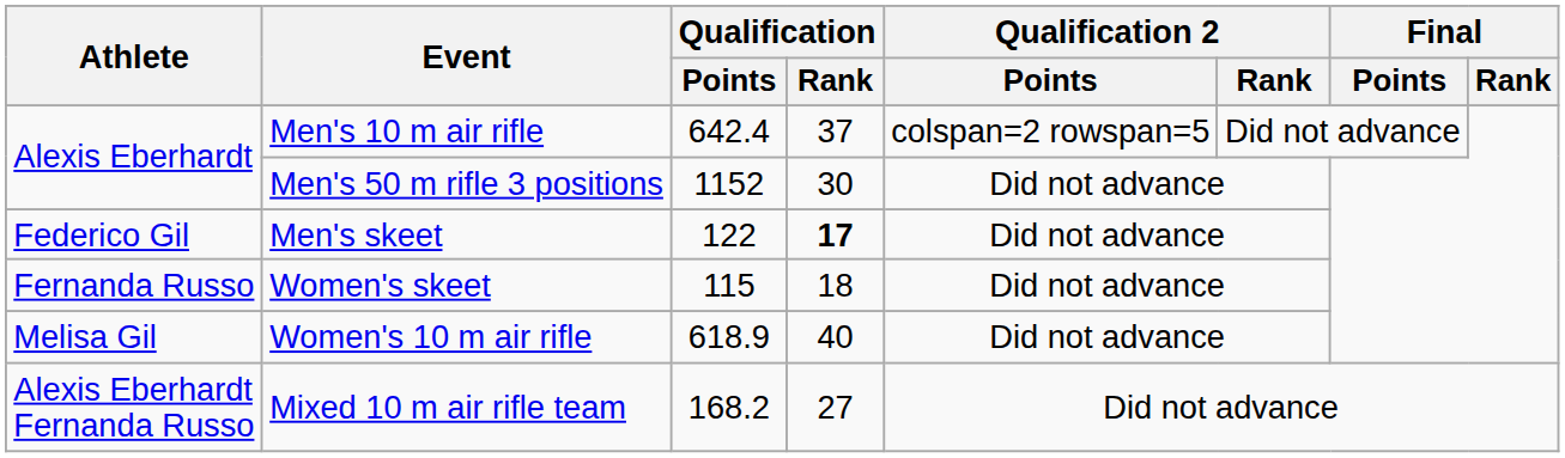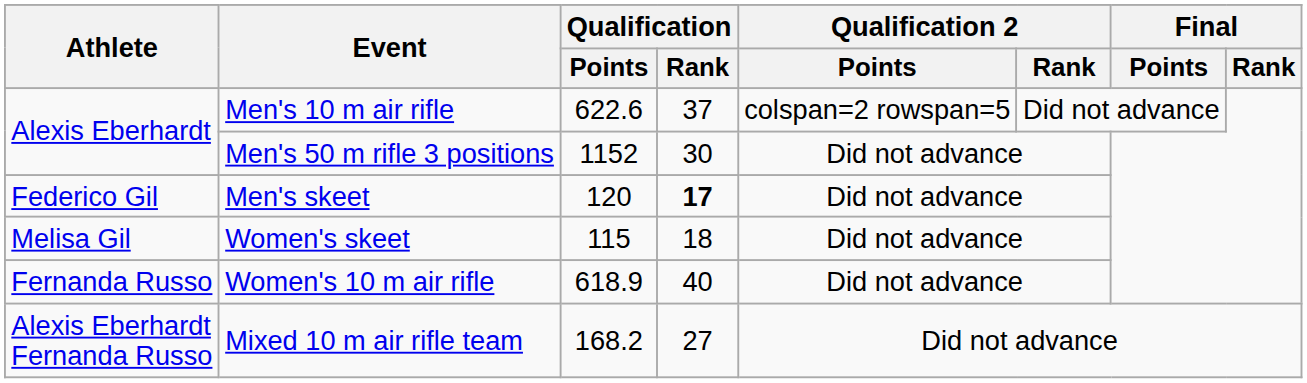 <table class="wikitable" style="font-size:90%">
 <tr>
 <th rowspan="2">Athlete</th>
 <th rowspan="2">Event</th>
 <th colspan=2>Qualification</th>
 <th colspan=2>Qualification 2</th>
 <th colspan=2>Final</th>
 </tr>
 <tr style="font-size:95%">
 <th>Points</th>
 <th>Rank</th>
 <th>Points</th>
 <th>Rank</th>
 <th>Points</th>
 <th>Rank</th>
 </tr>
 <tr align=center>
 <td align=left rowspan=2><a href='#'>Alexis Eberhardt</a></td>
 <td align=left><a href='#'>Men's 10 m air rifle</a></td>
-<td>642.4</td>
+<td>622.6</td>
 <td>37</td>
 <td>colspan=2 rowspan=5 </td>
 <td colspan="2">Did not advance</td>
 </tr>
 <tr align=center>
 <td align=left><a href='#'>Men's 50 m rifle 3 positions</a></td>
 <td>1152</td>
 <td>30</td>
 <td colspan="2">Did not advance</td>
 </tr>
 <tr align=center>
 <td align=left><a href='#'>Federico Gil</a></td>
 <td align=left><a href='#'>Men's skeet</a></td>
-<td>122</td>
+<td>120</td>
 <td><strong>17</strong></td>
 <td colspan=2>Did not advance</td>
 </tr>
 <tr align=center>
-<td align=left><a href='#'>Fernanda Russo</a></td>
+<td align=left><a href='#'>Melisa Gil</a></td>
 <td align=left><a href='#'>Women's skeet</a></td>
 <td>115</td>
 <td>18</td>
 <td colspan=2>Did not advance</td>
 </tr>
 <tr align=center>
-<td align=left><a href='#'>Melisa Gil</a></td>
+<td align=left><a href='#'>Fernanda Russo</a></td>
 <td align=left><a href='#'>Women's 10 m air rifle</a></td>
 <td>618.9</td>
 <td>40</td>
 <td colspan=2>Did not advance</td>
 </tr>
 <tr align=center>
 <td align=left><a href='#'>Alexis Eberhardt</a><br><a href='#'>Fernanda Russo</a></td>
 <td align=left><a href='#'>Mixed 10 m air rifle team</a></td>
 <td>168.2</td>
 <td>27</td>
 <td colspan=4>Did not advance</td>
 </tr>
 </table>
